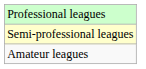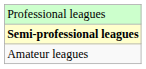 <table class="wikitable" style="font-size:95%">
 <tr bgcolor=#ccffcc>
 <td>Professional leagues</td>
 </tr>
 <tr bgcolor=#ffffcc>
-<td>Semi-professional leagues</td>
+<td><strong>Semi-professional leagues</strong></td>
 </tr>
 <tr>
 <td>Amateur leagues</td>
 </tr>
 </table>
